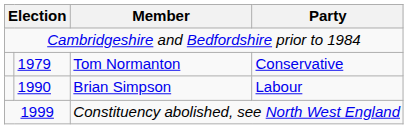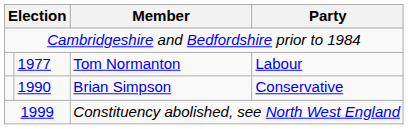 <table class="wikitable">
 <tr>
 <th colspan="2">Election</th>
 <th>Member</th>
 <th>Party</th>
 </tr>
 <tr>
 <td colspan="4" align="center"><em><a href='#'>Cambridgeshire</a> and <a href='#'>Bedfordshire</a> prior to 1984</em></td>
 </tr>
 <tr>
 <td style="background-color: "></td>
-<td><a href='#'>1979</a></td>
+<td><a href='#'>1977</a></td>
 <td><a href='#'>Tom Normanton</a></td>
-<td><a href='#'>Conservative</a></td>
+<td><a href='#'>Labour</a></td>
 </tr>
 <tr>
 <td style="background-color: "></td>
 <td><a href='#'>1990</a></td>
 <td><a href='#'>Brian Simpson</a></td>
-<td><a href='#'>Labour</a></td>
+<td><a href='#'>Conservative</a></td>
 </tr>
 <tr>
 <td colspan="2" align="center"><a href='#'>1999</a></td>
 <td colspan="2"><em>Constituency abolished, see <a href='#'>North West England</a></em></td>
 </tr>
 </table>
